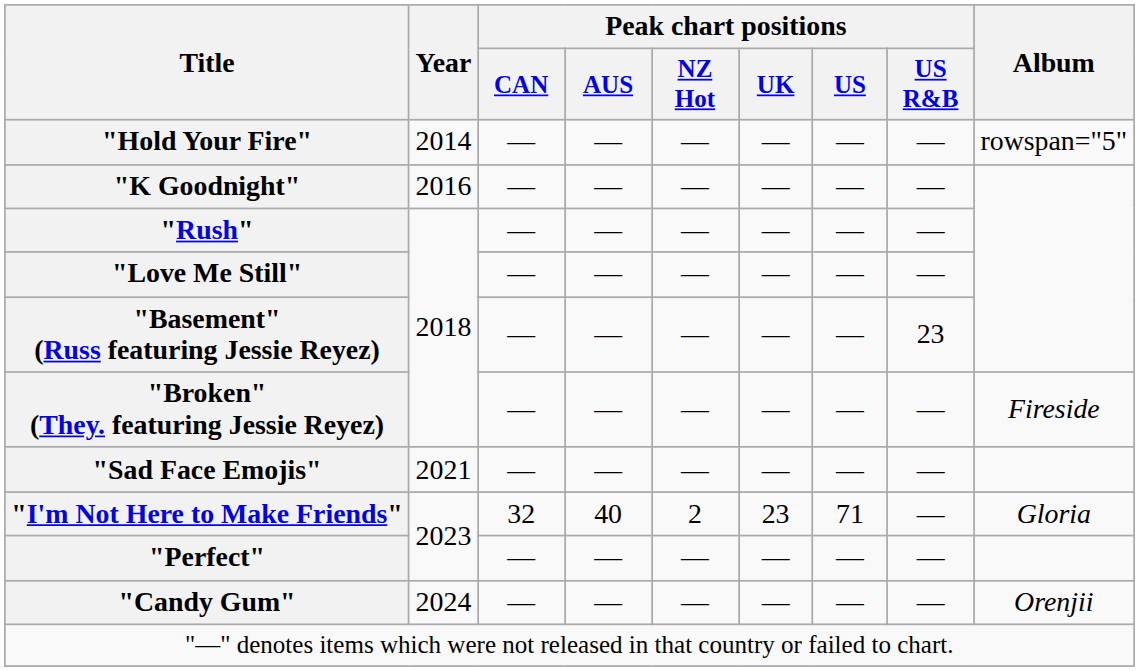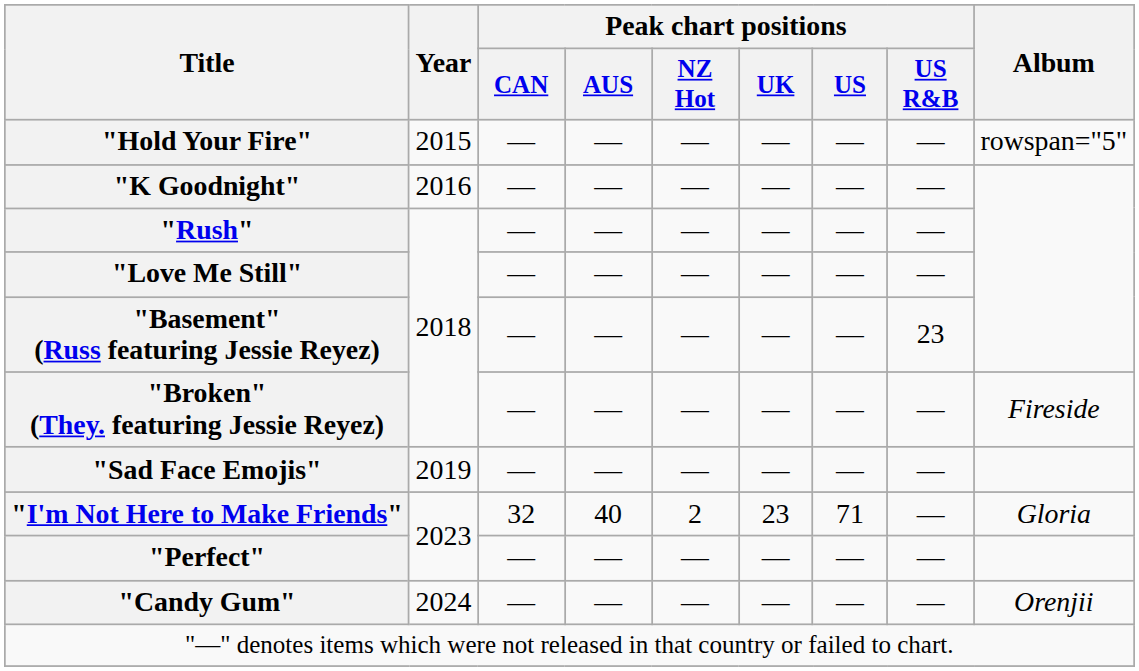 <table class="wikitable plainrowheaders" style="text-align:center;">
 <tr>
 <th scope="col" rowspan="2">Title</th>
 <th scope="col" rowspan="2">Year</th>
 <th scope="col" colspan="6">Peak chart positions</th>
 <th scope="col" rowspan="2">Album</th>
 </tr>
 <tr>
 <th scope="col" style="width:3em;font-size:90%;"><a href='#'>CAN</a><br></th>
 <th scope="col" style="width:3em;font-size:90%;"><a href='#'>AUS</a><br></th>
 <th scope="col" style="width:3em;font-size:90%;"><a href='#'>NZ<br>Hot</a><br></th>
 <th scope="col" style="width:2.5em;font-size:90%;"><a href='#'>UK</a><br></th>
 <th scope="col" style="width:2.5em;font-size:90%;"><a href='#'>US</a><br></th>
 <th scope="col" style="width:3em;font-size:90%;"><a href='#'>US<br>R&B</a><br></th>
 </tr>
 <tr>
 <th scope="row">"Hold Your Fire"<br></th>
-<td>2014</td>
+<td>2015</td>
 <td>—</td>
 <td>—</td>
 <td>—</td>
 <td>—</td>
 <td>—</td>
 <td>—</td>
 <td>rowspan="5" </td>
 </tr>
 <tr>
 <th scope="row">"K Goodnight"<br></th>
 <td>2016</td>
 <td>—</td>
 <td>—</td>
 <td>—</td>
 <td>—</td>
 <td>—</td>
 <td>—</td>
 </tr>
 <tr>
 <th scope="row">"<a href='#'>Rush</a>"<br></th>
 <td rowspan="4">2018</td>
 <td>—</td>
 <td>—</td>
 <td>—</td>
 <td>—</td>
 <td>—</td>
 <td>—</td>
 </tr>
 <tr>
 <th scope="row">"Love Me Still"<br></th>
 <td>—</td>
 <td>—</td>
 <td>—</td>
 <td>—</td>
 <td>—</td>
 <td>—</td>
 </tr>
 <tr>
 <th scope="row">"Basement"<br><span>(<a href='#'>Russ</a> featuring Jessie Reyez)</span></th>
 <td>—</td>
 <td>—</td>
 <td>—</td>
 <td>—</td>
 <td>—</td>
 <td>23</td>
 </tr>
 <tr>
 <th scope="row">"Broken"<br><span>(<a href='#'>They.</a> featuring Jessie Reyez)</span></th>
 <td>—</td>
 <td>—</td>
 <td>—</td>
 <td>—</td>
 <td>—</td>
 <td>—</td>
 <td><em>Fireside</em></td>
 </tr>
 <tr>
 <th scope="row">"Sad Face Emojis"<br></th>
-<td>2021</td>
+<td>2019</td>
 <td>—</td>
 <td>—</td>
 <td>—</td>
 <td>—</td>
 <td>—</td>
 <td>—</td>
 <td></td>
 </tr>
 <tr>
 <th scope="row">"<a href='#'>I'm Not Here to Make Friends</a>"<br></th>
 <td rowspan="2">2023</td>
 <td>32</td>
 <td>40</td>
 <td>2</td>
 <td>23</td>
 <td>71</td>
 <td>—</td>
 <td><em>Gloria</em></td>
 </tr>
 <tr>
 <th scope="row">"Perfect"<br></th>
 <td>—</td>
 <td>—</td>
 <td>—</td>
 <td>—</td>
 <td>—</td>
 <td>—</td>
 <td></td>
 </tr>
 <tr>
 <th scope="row">"Candy Gum"<br></th>
 <td>2024</td>
 <td>—</td>
 <td>—</td>
 <td>—</td>
 <td>—</td>
 <td>—</td>
 <td>—</td>
 <td><em>Orenjii</em></td>
 </tr>
 <tr>
 <td colspan="15" style="font-size:90%;">"—" denotes items which were not released in that country or failed to chart.</td>
 </tr>
 </table>
